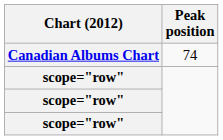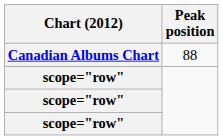 <table class="wikitable sortable plainrowheaders" style="text-align:center;">
 <tr>
 <th scope="col">Chart (2012)</th>
 <th scope="col">Peak<br>position</th>
 </tr>
 <tr>
 <th scope="row"><a href='#'>Canadian Albums Chart</a></th>
-<td style="text-align:center;">74</td>
+<td style="text-align:center;">88</td>
 </tr>
 <tr>
 <th>scope="row"</th>
 </tr>
 <tr>
 <th>scope="row"</th>
 </tr>
 <tr>
 <th>scope="row"</th>
 </tr>
 </table>
